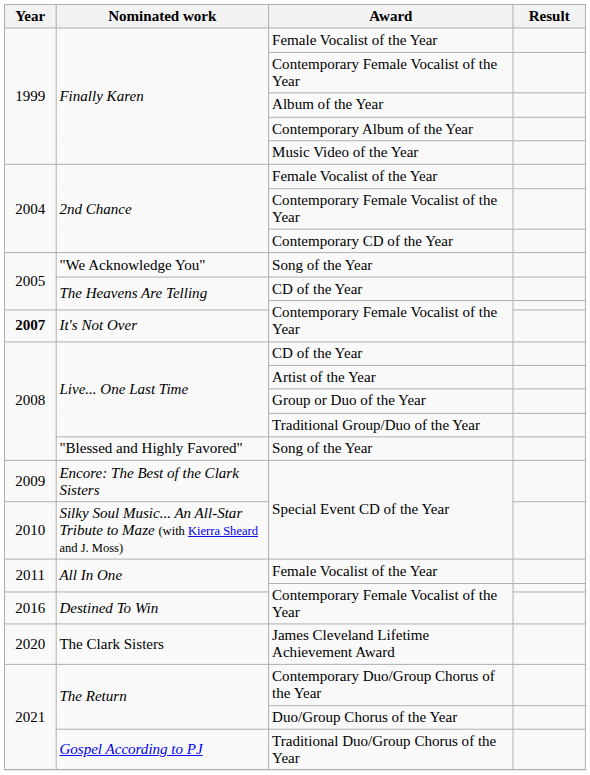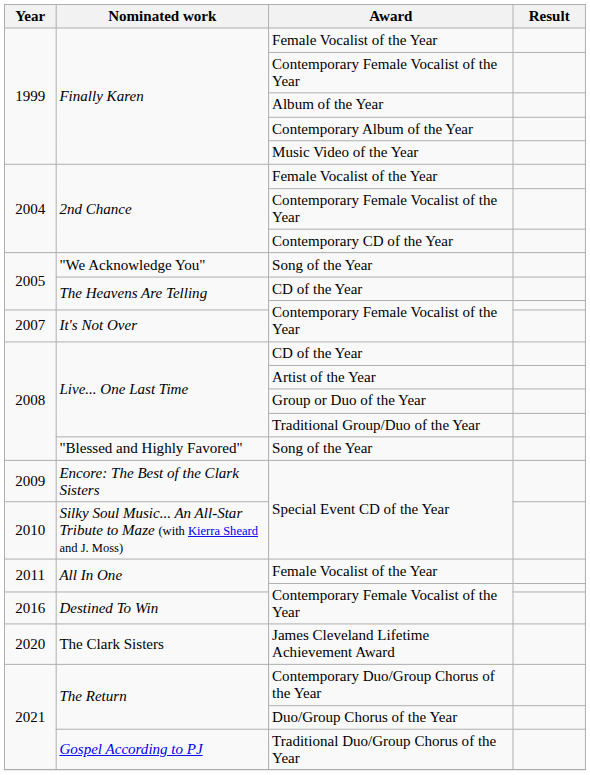 <table class="wikitable" style="width:70%;">
 <tr>
 <th style="width:3%;">Year</th>
 <th style="width:20%;">Nominated work</th>
 <th style="width:23%;">Award</th>
 <th style="width:5%;">Result</th>
 </tr>
 <tr>
 <td align="center" rowspan="5">1999</td>
 <td rowspan="5"><em>Finally Karen</em></td>
 <td>Female Vocalist of the Year</td>
 <td></td>
 </tr>
 <tr>
 <td>Contemporary Female Vocalist of the Year</td>
 <td></td>
 </tr>
 <tr>
 <td>Album of the Year</td>
 <td></td>
 </tr>
 <tr>
 <td>Contemporary Album of the Year</td>
 <td></td>
 </tr>
 <tr>
 <td>Music Video of the Year</td>
 <td></td>
 </tr>
 <tr>
 <td align="center" rowspan="3">2004</td>
 <td rowspan="3"><em>2nd Chance</em></td>
 <td>Female Vocalist of the Year</td>
 <td></td>
 </tr>
 <tr>
 <td>Contemporary Female Vocalist of the Year</td>
 <td></td>
 </tr>
 <tr>
 <td>Contemporary CD of the Year</td>
 <td></td>
 </tr>
 <tr>
 <td align="center" rowspan="3">2005</td>
 <td>"We Acknowledge You"</td>
 <td>Song of the Year</td>
 <td></td>
 </tr>
 <tr>
 <td rowspan="2"><em>The Heavens Are Telling</em></td>
 <td>CD of the Year</td>
 <td></td>
 </tr>
 <tr>
 <td rowspan="2">Contemporary Female Vocalist of the Year</td>
 <td></td>
 </tr>
 <tr>
-<td align="center"><strong>2007</strong></td>
+<td align="center">2007</td>
 <td><em>It's Not Over</em></td>
 <td></td>
 </tr>
 <tr>
 <td align="center" rowspan="5">2008</td>
 <td rowspan="4"><em>Live... One Last Time</em></td>
 <td>CD of the Year</td>
 <td></td>
 </tr>
 <tr>
 <td>Artist of the Year</td>
 <td></td>
 </tr>
 <tr>
 <td>Group or Duo of the Year</td>
 <td></td>
 </tr>
 <tr>
 <td>Traditional Group/Duo of the Year</td>
 <td></td>
 </tr>
 <tr>
 <td>"Blessed and Highly Favored"</td>
 <td>Song of the Year</td>
 <td></td>
 </tr>
 <tr>
 <td align="center">2009</td>
 <td><em>Encore: The Best of the Clark Sisters</em></td>
 <td rowspan="2">Special Event CD of the Year</td>
 <td></td>
 </tr>
 <tr>
 <td align="center">2010</td>
 <td><em>Silky Soul Music... An All-Star Tribute to Maze</em> <small>(with <a href='#'>Kierra Sheard</a> and J. Moss)</small></td>
 <td></td>
 </tr>
 <tr>
 <td align="center" rowspan="2">2011</td>
 <td rowspan="2"><em>All In One</em></td>
 <td>Female Vocalist of the Year</td>
 <td></td>
 </tr>
 <tr>
 <td rowspan="2">Contemporary Female Vocalist of the Year</td>
 <td></td>
 </tr>
 <tr>
 <td align="center">2016</td>
 <td><em>Destined To Win</em></td>
 <td></td>
 </tr>
 <tr>
 <td align="center">2020</td>
 <td>The Clark Sisters</td>
 <td>James Cleveland Lifetime Achievement Award</td>
 <td></td>
 </tr>
 <tr>
 <td align="center" rowspan="3">2021</td>
 <td rowspan="2"><em>The Return</em></td>
 <td>Contemporary Duo/Group Chorus of the Year</td>
 <td></td>
 </tr>
 <tr>
 <td>Duo/Group Chorus of the Year</td>
 <td></td>
 </tr>
 <tr>
 <td><em><a href='#'>Gospel According to PJ</a></em></td>
 <td>Traditional Duo/Group Chorus of the Year</td>
 <td></td>
 </tr>
 <tr>
 </tr>
 </table>
